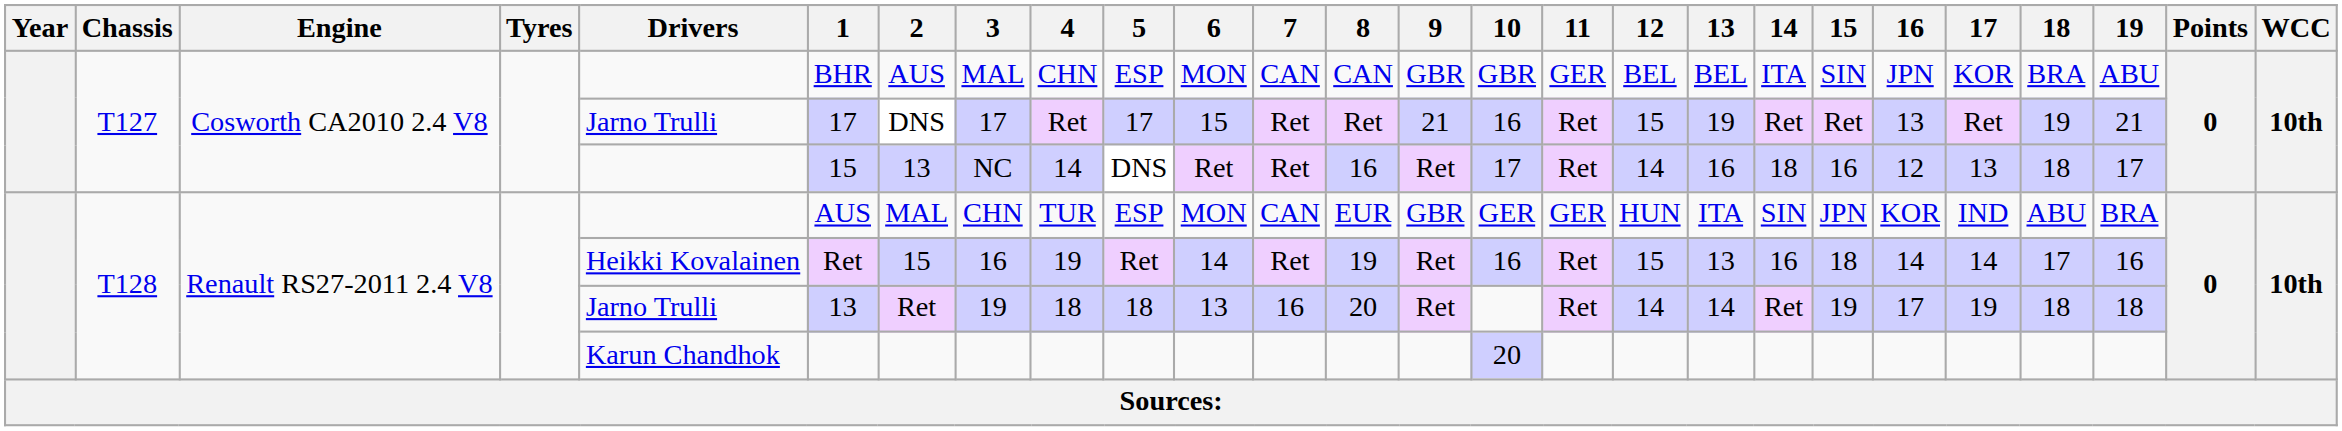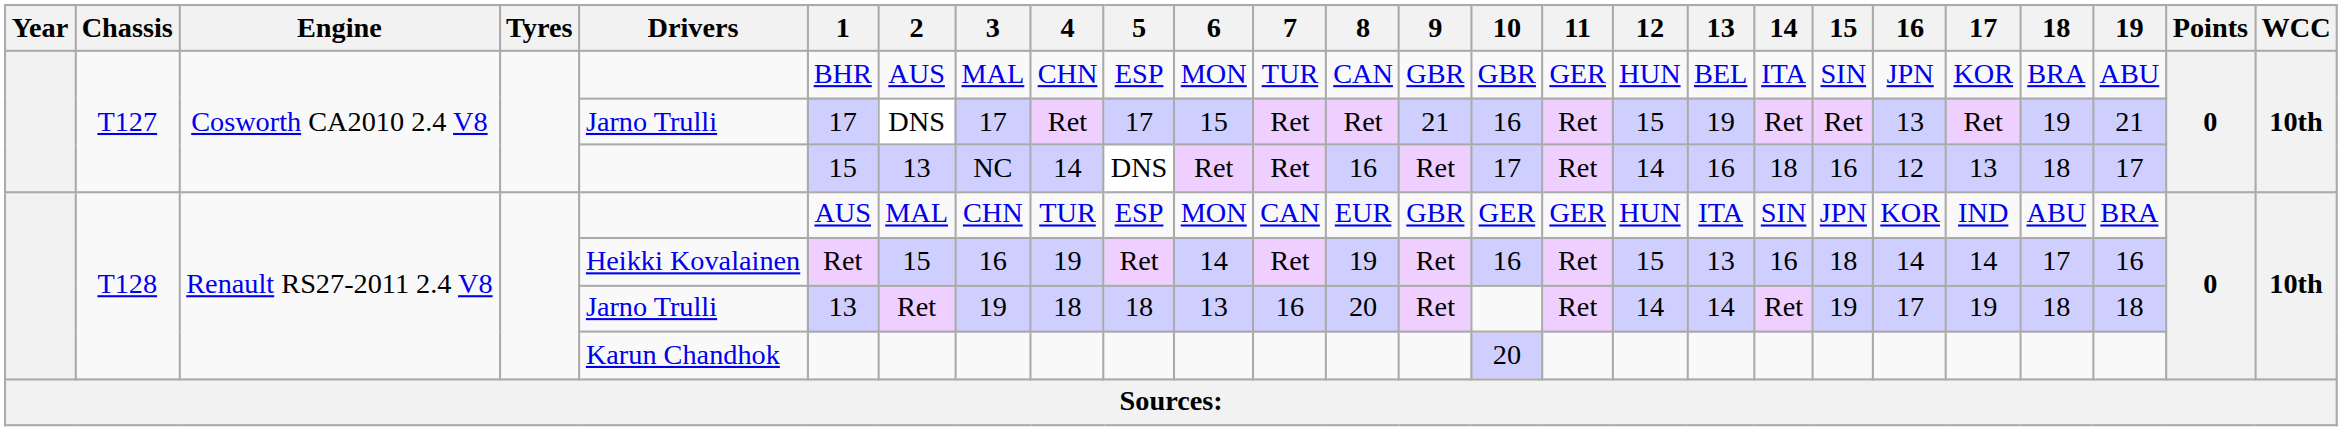 <table class="wikitable" style="text-align:center; font-size:85%;">
 <tr>
 <th>Year</th>
 <th>Chassis</th>
 <th>Engine</th>
 <th>Tyres</th>
 <th>Drivers</th>
 <th>1</th>
 <th>2</th>
 <th>3</th>
 <th>4</th>
 <th>5</th>
 <th>6</th>
 <th>7</th>
 <th>8</th>
 <th>9</th>
 <th>10</th>
 <th>11</th>
 <th>12</th>
 <th>13</th>
 <th>14</th>
 <th>15</th>
 <th>16</th>
 <th>17</th>
 <th>18</th>
 <th>19</th>
 <th>Points</th>
 <th>WCC</th>
 </tr>
 <tr>
 <th rowspan="3"></th>
 <td rowspan="3"><a href='#'>T127</a></td>
 <td rowspan="3"><a href='#'>Cosworth</a> CA2010 2.4 <a href='#'>V8</a></td>
 <td rowspan="3"></td>
 <td></td>
 <td><a href='#'>BHR</a></td>
 <td><a href='#'>AUS</a></td>
 <td><a href='#'>MAL</a></td>
 <td><a href='#'>CHN</a></td>
 <td><a href='#'>ESP</a></td>
 <td><a href='#'>MON</a></td>
-<td><a href='#'>CAN</a></td>
+<td><a href='#'>TUR</a></td>
 <td><a href='#'>CAN</a></td>
 <td><a href='#'>GBR</a></td>
 <td><a href='#'>GBR</a></td>
 <td><a href='#'>GER</a></td>
-<td><a href='#'>BEL</a></td>
+<td><a href='#'>HUN</a></td>
 <td><a href='#'>BEL</a></td>
 <td><a href='#'>ITA</a></td>
 <td><a href='#'>SIN</a></td>
 <td><a href='#'>JPN</a></td>
 <td><a href='#'>KOR</a></td>
 <td><a href='#'>BRA</a></td>
 <td><a href='#'>ABU</a></td>
 <th rowspan="3">0</th>
 <th rowspan="3">10th</th>
 </tr>
 <tr>
 <td align="left"> <a href='#'>Jarno Trulli</a></td>
 <td style="background:#cfcfff;">17</td>
 <td style="background:#ffffff;">DNS</td>
 <td style="background:#cfcfff;">17</td>
 <td style="background:#efcfff;">Ret</td>
 <td style="background:#cfcfff;">17</td>
 <td style="background:#cfcfff;">15</td>
 <td style="background:#efcfff;">Ret</td>
 <td style="background:#efcfff;">Ret</td>
 <td style="background:#cfcfff;">21</td>
 <td style="background:#cfcfff;">16</td>
 <td style="background:#efcfff;">Ret</td>
 <td style="background:#cfcfff;">15</td>
 <td style="background:#cfcfff;">19</td>
 <td style="background:#efcfff;">Ret</td>
 <td style="background:#efcfff;">Ret</td>
 <td style="background:#cfcfff;">13</td>
 <td style="background:#efcfff;">Ret</td>
 <td style="background:#cfcfff;">19</td>
 <td style="background:#cfcfff;">21</td>
 </tr>
 <tr>
 <td align="left"></td>
 <td style="background:#cfcfff;">15</td>
 <td style="background:#cfcfff;">13</td>
 <td style="background:#cfcfff;">NC</td>
 <td style="background:#cfcfff;">14</td>
 <td style="background:#ffffff;">DNS</td>
 <td style="background:#efcfff;">Ret</td>
 <td style="background:#efcfff;">Ret</td>
 <td style="background:#cfcfff;">16</td>
 <td style="background:#efcfff;">Ret</td>
 <td style="background:#cfcfff;">17</td>
 <td style="background:#efcfff;">Ret</td>
 <td style="background:#cfcfff;">14</td>
 <td style="background:#cfcfff;">16</td>
 <td style="background:#cfcfff;">18</td>
 <td style="background:#cfcfff;">16</td>
 <td style="background:#cfcfff;">12</td>
 <td style="background:#cfcfff;">13</td>
 <td style="background:#cfcfff;">18</td>
 <td style="background:#cfcfff;">17</td>
 </tr>
 <tr>
 <th rowspan="4"></th>
 <td rowspan="4"><a href='#'>T128</a></td>
 <td rowspan="4"><a href='#'>Renault</a> RS27-2011 2.4 <a href='#'>V8</a></td>
 <td rowspan="4"></td>
 <td></td>
 <td><a href='#'>AUS</a></td>
 <td><a href='#'>MAL</a></td>
 <td><a href='#'>CHN</a></td>
 <td><a href='#'>TUR</a></td>
 <td><a href='#'>ESP</a></td>
 <td><a href='#'>MON</a></td>
 <td><a href='#'>CAN</a></td>
 <td><a href='#'>EUR</a></td>
 <td><a href='#'>GBR</a></td>
 <td><a href='#'>GER</a></td>
 <td><a href='#'>GER</a></td>
 <td><a href='#'>HUN</a></td>
 <td><a href='#'>ITA</a></td>
 <td><a href='#'>SIN</a></td>
 <td><a href='#'>JPN</a></td>
 <td><a href='#'>KOR</a></td>
 <td><a href='#'>IND</a></td>
 <td><a href='#'>ABU</a></td>
 <td><a href='#'>BRA</a></td>
 <th rowspan="4">0</th>
 <th rowspan="4">10th</th>
 </tr>
 <tr>
 <td align="left"> <a href='#'>Heikki Kovalainen</a></td>
 <td style="background:#efcfff;">Ret</td>
 <td style="background:#cfcfff;">15</td>
 <td style="background:#cfcfff;">16</td>
 <td style="background:#cfcfff;">19</td>
 <td style="background:#efcfff;">Ret</td>
 <td style="background:#cfcfff;">14</td>
 <td style="background:#efcfff;">Ret</td>
 <td style="background:#cfcfff;">19</td>
 <td style="background:#efcfff;">Ret</td>
 <td style="background:#cfcfff;">16</td>
 <td style="background:#efcfff;">Ret</td>
 <td style="background:#cfcfff;">15</td>
 <td style="background:#cfcfff;">13</td>
 <td style="background:#cfcfff;">16</td>
 <td style="background:#cfcfff;">18</td>
 <td style="background:#cfcfff;">14</td>
 <td style="background:#cfcfff;">14</td>
 <td style="background:#cfcfff;">17</td>
 <td style="background:#cfcfff;">16</td>
 </tr>
 <tr>
 <td align="left"> <a href='#'>Jarno Trulli</a></td>
 <td style="background:#cfcfff;">13</td>
 <td style="background:#efcfff;">Ret</td>
 <td style="background:#cfcfff;">19</td>
 <td style="background:#cfcfff;">18</td>
 <td style="background:#cfcfff;">18</td>
 <td style="background:#cfcfff;">13</td>
 <td style="background:#cfcfff;">16</td>
 <td style="background:#cfcfff;">20</td>
 <td style="background:#efcfff;">Ret</td>
 <td></td>
 <td style="background:#efcfff;">Ret</td>
 <td style="background:#cfcfff;">14</td>
 <td style="background:#cfcfff;">14</td>
 <td style="background:#efcfff;">Ret</td>
 <td style="background:#cfcfff;">19</td>
 <td style="background:#cfcfff;">17</td>
 <td style="background:#cfcfff;">19</td>
 <td style="background:#cfcfff;">18</td>
 <td style="background:#cfcfff;">18</td>
 </tr>
 <tr>
 <td align="left"> <a href='#'>Karun Chandhok</a></td>
 <td></td>
 <td></td>
 <td></td>
 <td></td>
 <td></td>
 <td></td>
 <td></td>
 <td></td>
 <td></td>
 <td style="background:#cfcfff;">20</td>
 <td></td>
 <td></td>
 <td></td>
 <td></td>
 <td></td>
 <td></td>
 <td></td>
 <td></td>
 <td></td>
 </tr>
 <tr>
 <th colspan="26">Sources:</th>
 </tr>
 </table>
